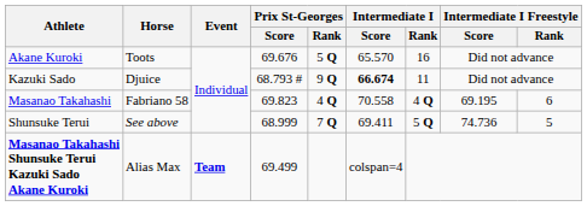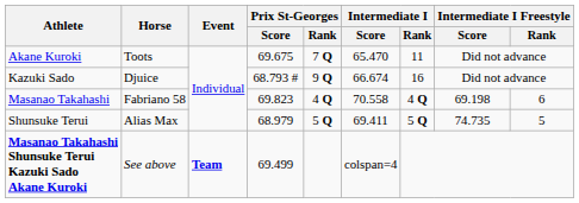 <table class=wikitable style=font-size:90%;text-align:center>
 <tr>
 <th rowspan="2">Athlete</th>
 <th rowspan="2">Horse</th>
 <th rowspan="2">Event</th>
 <th colspan="2">Prix St-Georges</th>
 <th colspan="2">Intermediate I</th>
 <th colspan="2">Intermediate I Freestyle</th>
 </tr>
 <tr style="font-size:95%">
 <th>Score</th>
 <th>Rank</th>
 <th>Score</th>
 <th>Rank</th>
 <th>Score</th>
 <th>Rank</th>
 </tr>
 <tr>
 <td style="text-align:left"><a href='#'>Akane Kuroki</a></td>
 <td style="text-align:left">Toots</td>
 <td rowspan=4 style="text-align:left"><a href='#'>Individual</a></td>
-<td>69.676</td>
-<td>5 <strong>Q</strong></td>
-<td>65.570</td>
-<td>16</td>
+<td>69.675</td>
+<td>7 <strong>Q</strong></td>
+<td>65.470</td>
+<td>11</td>
 <td colspan=2>Did not advance</td>
 </tr>
 <tr>
 <td style="text-align:left">Kazuki Sado</td>
 <td style="text-align:left">Djuice</td>
 <td>68.793	#</td>
 <td>9 <strong>Q</strong></td>
-<td><strong>66.674</strong></td>
-<td>11</td>
+<td>66.674</td>
+<td>16</td>
 <td colspan=2>Did not advance</td>
 </tr>
 <tr>
 <td style="text-align:left"><a href='#'>Masanao Takahashi</a></td>
 <td style="text-align:left">Fabriano 58</td>
 <td>69.823</td>
 <td>4 <strong>Q</strong></td>
 <td>70.558</td>
 <td>4 <strong>Q</strong></td>
-<td>69.195</td>
+<td>69.198</td>
 <td>6</td>
 </tr>
 <tr>
 <td style="text-align:left">Shunsuke Terui</td>
-<td style="text-align:left"><em>See above</em></td>
-<td>68.999</td>
-<td>7 <strong>Q</strong></td>
+<td style="text-align:left">Alias Max</td>
+<td>68.979</td>
+<td>5 <strong>Q</strong></td>
 <td>69.411</td>
 <td>5 <strong>Q</strong></td>
-<td>74.736</td>
+<td>74.735</td>
 <td>5</td>
 </tr>
 <tr>
 <td style="text-align:left"><strong><a href='#'>Masanao Takahashi</a><br>Shunsuke Terui<br>Kazuki Sado<br><a href='#'>Akane Kuroki</a></strong></td>
-<td style="text-align:left">Alias Max</td>
+<td style="text-align:left"><em>See above</em></td>
 <td style="text-align:left"><strong><a href='#'>Team</a></strong></td>
 <td>69.499</td>
 <td></td>
 <td>colspan=4 </td>
 </tr>
 </table>
